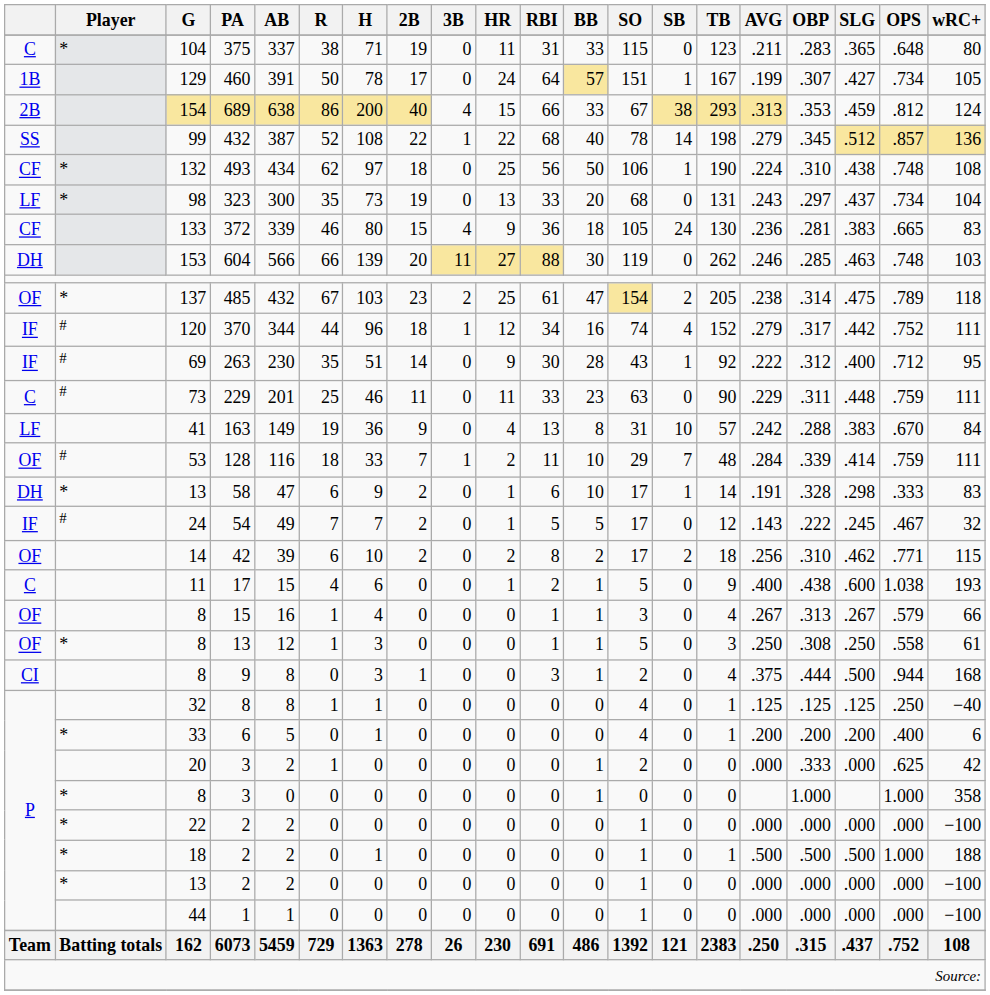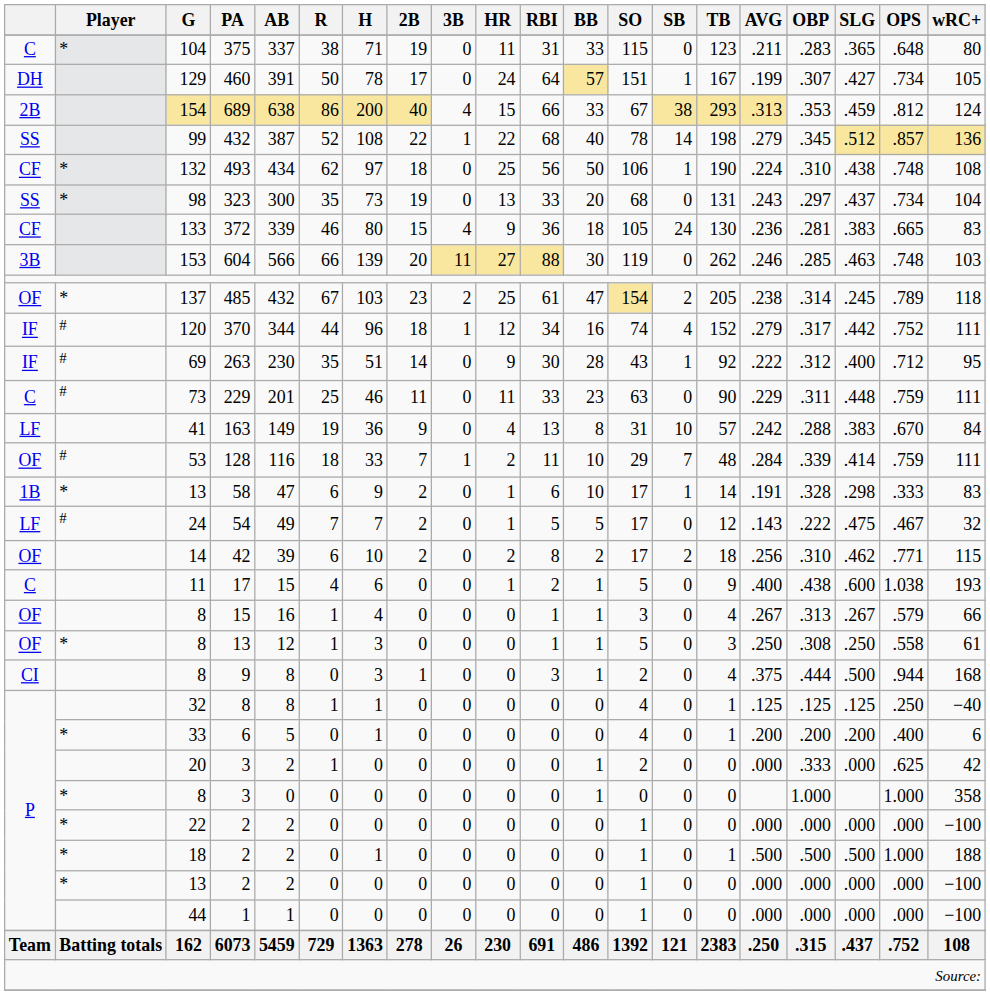 <table class="wikitable sortable sticky-header" style="text-align:right; font-size:88%;">
 <tr>
 <th></th>
 <th>Player</th>
 <th>G</th>
 <th>PA</th>
 <th>AB</th>
 <th>R</th>
 <th>H</th>
 <th>2B</th>
 <th>3B</th>
 <th>HR</th>
 <th>RBI</th>
 <th>BB</th>
 <th>SO</th>
 <th>SB</th>
 <th>TB</th>
 <th>AVG</th>
 <th>OBP</th>
 <th>SLG</th>
 <th>OPS</th>
 <th>wRC+</th>
 </tr>
 <tr>
 </tr>
 <tr>
 <td align=center><a href='#'>C</a></td>
 <td align=left style="background: #e5e7e9">*</td>
 <td>104</td>
 <td>375</td>
 <td>337</td>
 <td>38</td>
 <td>71</td>
 <td>19</td>
 <td>0</td>
 <td>11</td>
 <td>31</td>
 <td>33</td>
 <td>115</td>
 <td>0</td>
 <td>123</td>
 <td>.211</td>
 <td>.283</td>
 <td>.365</td>
 <td>.648</td>
 <td>80</td>
 </tr>
 <tr>
-<td align=center><a href='#'>1B</a></td>
+<td align=center><a href='#'>DH</a></td>
 <td align=left style="background: #e5e7e9"></td>
 <td>129</td>
 <td>460</td>
 <td>391</td>
 <td>50</td>
 <td>78</td>
 <td>17</td>
 <td>0</td>
 <td>24</td>
 <td>64</td>
 <td style="background: #f9e79f; border:1px solid #aaa; width:2em;">57</td>
 <td>151</td>
 <td>1</td>
 <td>167</td>
 <td>.199</td>
 <td>.307</td>
 <td>.427</td>
 <td>.734</td>
 <td>105</td>
 </tr>
 <tr>
 <td align=center><a href='#'>2B</a></td>
 <td align=left style="background: #e5e7e9"></td>
 <td style="background: #f9e79f; border:1px solid #aaa; width:2em;">154</td>
 <td style="background: #f9e79f; border:1px solid #aaa; width:2em;">689</td>
 <td style="background: #f9e79f; border:1px solid #aaa; width:2em;">638</td>
 <td style="background: #f9e79f; border:1px solid #aaa; width:2em;">86</td>
 <td style="background: #f9e79f; border:1px solid #aaa; width:2em;">200</td>
 <td style="background: #f9e79f; border:1px solid #aaa; width:2em;">40</td>
 <td>4</td>
 <td>15</td>
 <td>66</td>
 <td>33</td>
 <td>67</td>
 <td style="background: #f9e79f; border:1px solid #aaa; width:2em;">38</td>
 <td style="background: #f9e79f; border:1px solid #aaa; width:2em;">293</td>
 <td style="background: #f9e79f; border:1px solid #aaa; width:2em;">.313</td>
 <td>.353</td>
 <td>.459</td>
 <td>.812</td>
 <td>124</td>
 </tr>
 <tr>
 <td align=center><a href='#'>SS</a></td>
 <td align=left style="background: #e5e7e9"></td>
 <td>99</td>
 <td>432</td>
 <td>387</td>
 <td>52</td>
 <td>108</td>
 <td>22</td>
 <td>1</td>
 <td>22</td>
 <td>68</td>
 <td>40</td>
 <td>78</td>
 <td>14</td>
 <td>198</td>
 <td>.279</td>
 <td>.345</td>
 <td style="background: #f9e79f; border:1px solid #aaa; width:2em;">.512</td>
 <td style="background: #f9e79f; border:1px solid #aaa; width:2em;">.857</td>
 <td style="background: #f9e79f; border:1px solid #aaa; width:2em;">136</td>
 </tr>
 <tr>
 <td align=center><a href='#'>CF</a></td>
 <td align=left style="background: #e5e7e9">*</td>
 <td>132</td>
 <td>493</td>
 <td>434</td>
 <td>62</td>
 <td>97</td>
 <td>18</td>
 <td>0</td>
 <td>25</td>
 <td>56</td>
 <td>50</td>
 <td>106</td>
 <td>1</td>
 <td>190</td>
 <td>.224</td>
 <td>.310</td>
 <td>.438</td>
 <td>.748</td>
 <td>108</td>
 </tr>
 <tr>
-<td align=center><a href='#'>LF</a></td>
+<td align=center><a href='#'>SS</a></td>
 <td align=left style="background: #e5e7e9">*</td>
 <td>98</td>
 <td>323</td>
 <td>300</td>
 <td>35</td>
 <td>73</td>
 <td>19</td>
 <td>0</td>
 <td>13</td>
 <td>33</td>
 <td>20</td>
 <td>68</td>
 <td>0</td>
 <td>131</td>
 <td>.243</td>
 <td>.297</td>
 <td>.437</td>
 <td>.734</td>
 <td>104</td>
 </tr>
 <tr>
 <td align=center><a href='#'>CF</a></td>
 <td align=left style="background: #e5e7e9"></td>
 <td>133</td>
 <td>372</td>
 <td>339</td>
 <td>46</td>
 <td>80</td>
 <td>15</td>
 <td>4</td>
 <td>9</td>
 <td>36</td>
 <td>18</td>
 <td>105</td>
 <td>24</td>
 <td>130</td>
 <td>.236</td>
 <td>.281</td>
 <td>.383</td>
 <td>.665</td>
 <td>83</td>
 </tr>
 <tr>
-<td align=center><a href='#'>DH</a></td>
+<td align=center><a href='#'>3B</a></td>
 <td align=left style="background: #e5e7e9"></td>
 <td>153</td>
 <td>604</td>
 <td>566</td>
 <td>66</td>
 <td>139</td>
 <td>20</td>
 <td style="background: #f9e79f; border:1px solid #aaa; width:2em;">11</td>
 <td style="background: #f9e79f; border:1px solid #aaa; width:2em;">27</td>
 <td style="background: #f9e79f; border:1px solid #aaa; width:2em;">88</td>
 <td>30</td>
 <td>119</td>
 <td>0</td>
 <td>262</td>
 <td>.246</td>
 <td>.285</td>
 <td>.463</td>
 <td>.748</td>
 <td>103</td>
 </tr>
 <tr>
 <td colspan="18"></td>
 <td></td>
 </tr>
 <tr>
 <td align=center><a href='#'>OF</a></td>
 <td style=text-align:left>*</td>
 <td>137</td>
 <td>485</td>
 <td>432</td>
 <td>67</td>
 <td>103</td>
 <td>23</td>
 <td>2</td>
 <td>25</td>
 <td>61</td>
 <td>47</td>
 <td style="background: #f9e79f; border:1px solid #aaa; width:2em;">154</td>
 <td>2</td>
 <td>205</td>
 <td>.238</td>
 <td>.314</td>
-<td>.475</td>
+<td>.245</td>
 <td>.789</td>
 <td>118</td>
 </tr>
 <tr>
 <td align=center><a href='#'>IF</a></td>
 <td style=text-align:left><sup>#</sup></td>
 <td>120</td>
 <td>370</td>
 <td>344</td>
 <td>44</td>
 <td>96</td>
 <td>18</td>
 <td>1</td>
 <td>12</td>
 <td>34</td>
 <td>16</td>
 <td>74</td>
 <td>4</td>
 <td>152</td>
 <td>.279</td>
 <td>.317</td>
 <td>.442</td>
 <td>.752</td>
 <td>111</td>
 </tr>
 <tr>
 <td align=center><a href='#'>IF</a></td>
 <td style=text-align:left><sup>#</sup></td>
 <td>69</td>
 <td>263</td>
 <td>230</td>
 <td>35</td>
 <td>51</td>
 <td>14</td>
 <td>0</td>
 <td>9</td>
 <td>30</td>
 <td>28</td>
 <td>43</td>
 <td>1</td>
 <td>92</td>
 <td>.222</td>
 <td>.312</td>
 <td>.400</td>
 <td>.712</td>
 <td>95</td>
 </tr>
 <tr>
 <td align=center><a href='#'>C</a></td>
 <td style=text-align:left><sup>#</sup></td>
 <td>73</td>
 <td>229</td>
 <td>201</td>
 <td>25</td>
 <td>46</td>
 <td>11</td>
 <td>0</td>
 <td>11</td>
 <td>33</td>
 <td>23</td>
 <td>63</td>
 <td>0</td>
 <td>90</td>
 <td>.229</td>
 <td>.311</td>
 <td>.448</td>
 <td>.759</td>
 <td>111</td>
 </tr>
 <tr>
 <td align=center><a href='#'>LF</a></td>
 <td style=text-align:left></td>
 <td>41</td>
 <td>163</td>
 <td>149</td>
 <td>19</td>
 <td>36</td>
 <td>9</td>
 <td>0</td>
 <td>4</td>
 <td>13</td>
 <td>8</td>
 <td>31</td>
 <td>10</td>
 <td>57</td>
 <td>.242</td>
 <td>.288</td>
 <td>.383</td>
 <td>.670</td>
 <td>84</td>
 </tr>
 <tr>
 <td align=center><a href='#'>OF</a></td>
 <td style=text-align:left><sup>#</sup></td>
 <td>53</td>
 <td>128</td>
 <td>116</td>
 <td>18</td>
 <td>33</td>
 <td>7</td>
 <td>1</td>
 <td>2</td>
 <td>11</td>
 <td>10</td>
 <td>29</td>
 <td>7</td>
 <td>48</td>
 <td>.284</td>
 <td>.339</td>
 <td>.414</td>
 <td>.759</td>
 <td>111</td>
 </tr>
 <tr>
-<td align=center><a href='#'>DH</a></td>
+<td align=center><a href='#'>1B</a></td>
 <td style=text-align:left>*</td>
 <td>13</td>
 <td>58</td>
 <td>47</td>
 <td>6</td>
 <td>9</td>
 <td>2</td>
 <td>0</td>
 <td>1</td>
 <td>6</td>
 <td>10</td>
 <td>17</td>
 <td>1</td>
 <td>14</td>
 <td>.191</td>
 <td>.328</td>
 <td>.298</td>
 <td>.333</td>
 <td>83</td>
 </tr>
 <tr>
-<td align=center><a href='#'>IF</a></td>
+<td align=center><a href='#'>LF</a></td>
 <td style=text-align:left><sup>#</sup></td>
 <td>24</td>
 <td>54</td>
 <td>49</td>
 <td>7</td>
 <td>7</td>
 <td>2</td>
 <td>0</td>
 <td>1</td>
 <td>5</td>
 <td>5</td>
 <td>17</td>
 <td>0</td>
 <td>12</td>
 <td>.143</td>
 <td>.222</td>
-<td>.245</td>
+<td>.475</td>
 <td>.467</td>
 <td>32</td>
 </tr>
 <tr>
 <td align=center><a href='#'>OF</a></td>
 <td style=text-align:left></td>
 <td>14</td>
 <td>42</td>
 <td>39</td>
 <td>6</td>
 <td>10</td>
 <td>2</td>
 <td>0</td>
 <td>2</td>
 <td>8</td>
 <td>2</td>
 <td>17</td>
 <td>2</td>
 <td>18</td>
 <td>.256</td>
 <td>.310</td>
 <td>.462</td>
 <td>.771</td>
 <td>115</td>
 </tr>
 <tr>
 <td align=center><a href='#'>C</a></td>
 <td style=text-align:left></td>
 <td>11</td>
 <td>17</td>
 <td>15</td>
 <td>4</td>
 <td>6</td>
 <td>0</td>
 <td>0</td>
 <td>1</td>
 <td>2</td>
 <td>1</td>
 <td>5</td>
 <td>0</td>
 <td>9</td>
 <td>.400</td>
 <td>.438</td>
 <td>.600</td>
 <td>1.038</td>
 <td>193</td>
 </tr>
 <tr>
 <td align=center><a href='#'>OF</a></td>
 <td style=text-align:left></td>
 <td>8</td>
 <td>15</td>
 <td>16</td>
 <td>1</td>
 <td>4</td>
 <td>0</td>
 <td>0</td>
 <td>0</td>
 <td>1</td>
 <td>1</td>
 <td>3</td>
 <td>0</td>
 <td>4</td>
 <td>.267</td>
 <td>.313</td>
 <td>.267</td>
 <td>.579</td>
 <td>66</td>
 </tr>
 <tr>
 <td align=center><a href='#'>OF</a></td>
 <td style=text-align:left>*</td>
 <td>8</td>
 <td>13</td>
 <td>12</td>
 <td>1</td>
 <td>3</td>
 <td>0</td>
 <td>0</td>
 <td>0</td>
 <td>1</td>
 <td>1</td>
 <td>5</td>
 <td>0</td>
 <td>3</td>
 <td>.250</td>
 <td>.308</td>
 <td>.250</td>
 <td>.558</td>
 <td>61</td>
 </tr>
 <tr>
 <td align=center><a href='#'>CI</a></td>
 <td style=text-align:left></td>
 <td>8</td>
 <td>9</td>
 <td>8</td>
 <td>0</td>
 <td>3</td>
 <td>1</td>
 <td>0</td>
 <td>0</td>
 <td>3</td>
 <td>1</td>
 <td>2</td>
 <td>0</td>
 <td>4</td>
 <td>.375</td>
 <td>.444</td>
 <td>.500</td>
 <td>.944</td>
 <td>168</td>
 </tr>
 <tr>
 <td rowspan="8" align=center><a href='#'>P</a></td>
 <td style=text-align:left></td>
 <td>32</td>
 <td>8</td>
 <td>8</td>
 <td>1</td>
 <td>1</td>
 <td>0</td>
 <td>0</td>
 <td>0</td>
 <td>0</td>
 <td>0</td>
 <td>4</td>
 <td>0</td>
 <td>1</td>
 <td>.125</td>
 <td>.125</td>
 <td>.125</td>
 <td>.250</td>
 <td>−40</td>
 </tr>
 <tr>
 <td style=text-align:left>*</td>
 <td>33</td>
 <td>6</td>
 <td>5</td>
 <td>0</td>
 <td>1</td>
 <td>0</td>
 <td>0</td>
 <td>0</td>
 <td>0</td>
 <td>0</td>
 <td>4</td>
 <td>0</td>
 <td>1</td>
 <td>.200</td>
 <td>.200</td>
 <td>.200</td>
 <td>.400</td>
 <td>6</td>
 </tr>
 <tr>
 <td style=text-align:left></td>
 <td>20</td>
 <td>3</td>
 <td>2</td>
 <td>1</td>
 <td>0</td>
 <td>0</td>
 <td>0</td>
 <td>0</td>
 <td>0</td>
 <td>1</td>
 <td>2</td>
 <td>0</td>
 <td>0</td>
 <td>.000</td>
 <td>.333</td>
 <td>.000</td>
 <td>.625</td>
 <td>42</td>
 </tr>
 <tr>
 <td style=text-align:left>*</td>
 <td>8</td>
 <td>3</td>
 <td>0</td>
 <td>0</td>
 <td>0</td>
 <td>0</td>
 <td>0</td>
 <td>0</td>
 <td>0</td>
 <td>1</td>
 <td>0</td>
 <td>0</td>
 <td>0</td>
 <td></td>
 <td>1.000</td>
 <td></td>
 <td>1.000</td>
 <td>358</td>
 </tr>
 <tr>
 <td style=text-align:left>*</td>
 <td>22</td>
 <td>2</td>
 <td>2</td>
 <td>0</td>
 <td>0</td>
 <td>0</td>
 <td>0</td>
 <td>0</td>
 <td>0</td>
 <td>0</td>
 <td>1</td>
 <td>0</td>
 <td>0</td>
 <td>.000</td>
 <td>.000</td>
 <td>.000</td>
 <td>.000</td>
 <td>−100</td>
 </tr>
 <tr>
 <td style=text-align:left>*</td>
 <td>18</td>
 <td>2</td>
 <td>2</td>
 <td>0</td>
 <td>1</td>
 <td>0</td>
 <td>0</td>
 <td>0</td>
 <td>0</td>
 <td>0</td>
 <td>1</td>
 <td>0</td>
 <td>1</td>
 <td>.500</td>
 <td>.500</td>
 <td>.500</td>
 <td>1.000</td>
 <td>188</td>
 </tr>
 <tr>
 <td style=text-align:left>*</td>
 <td>13</td>
 <td>2</td>
 <td>2</td>
 <td>0</td>
 <td>0</td>
 <td>0</td>
 <td>0</td>
 <td>0</td>
 <td>0</td>
 <td>0</td>
 <td>1</td>
 <td>0</td>
 <td>0</td>
 <td>.000</td>
 <td>.000</td>
 <td>.000</td>
 <td>.000</td>
 <td>−100</td>
 </tr>
 <tr>
 <td style=text-align:left></td>
 <td>44</td>
 <td>1</td>
 <td>1</td>
 <td>0</td>
 <td>0</td>
 <td>0</td>
 <td>0</td>
 <td>0</td>
 <td>0</td>
 <td>0</td>
 <td>1</td>
 <td>0</td>
 <td>0</td>
 <td>.000</td>
 <td>.000</td>
 <td>.000</td>
 <td>.000</td>
 <td>−100</td>
 </tr>
 <tr>
 </tr>
 <tr class="sortbottom">
 <th>Team</th>
 <th>Batting totals</th>
 <th>162</th>
 <th>6073</th>
 <th>5459</th>
 <th>729</th>
 <th>1363</th>
 <th>278</th>
 <th>26</th>
 <th>230</th>
 <th>691</th>
 <th>486</th>
 <th>1392</th>
 <th>121</th>
 <th>2383</th>
 <th>.250</th>
 <th>.315</th>
 <th>.437</th>
 <th>.752</th>
 <th>108</th>
 </tr>
 <tr class="sortbottom">
 <td colspan="20;" align="right"><small><em>Source:</em></small></td>
 </tr>
 <tr>
 </tr>
 </table>
